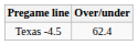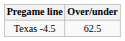 <table class="wikitable" style="margin-left: auto; margin-right: auto; border: none; display: inline-table;">
 <tr align="center">
 <th style=>Pregame line</th>
 <th style=>Over/under</th>
 </tr>
 <tr align="center">
 <td>Texas -4.5</td>
-<td>62.4</td>
+<td>62.5</td>
 </tr>
 </table>
